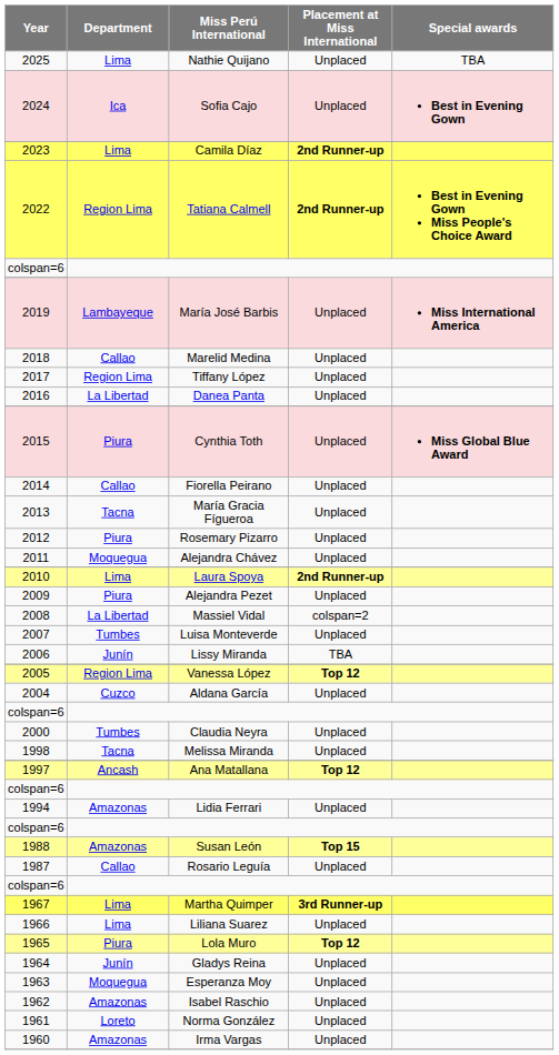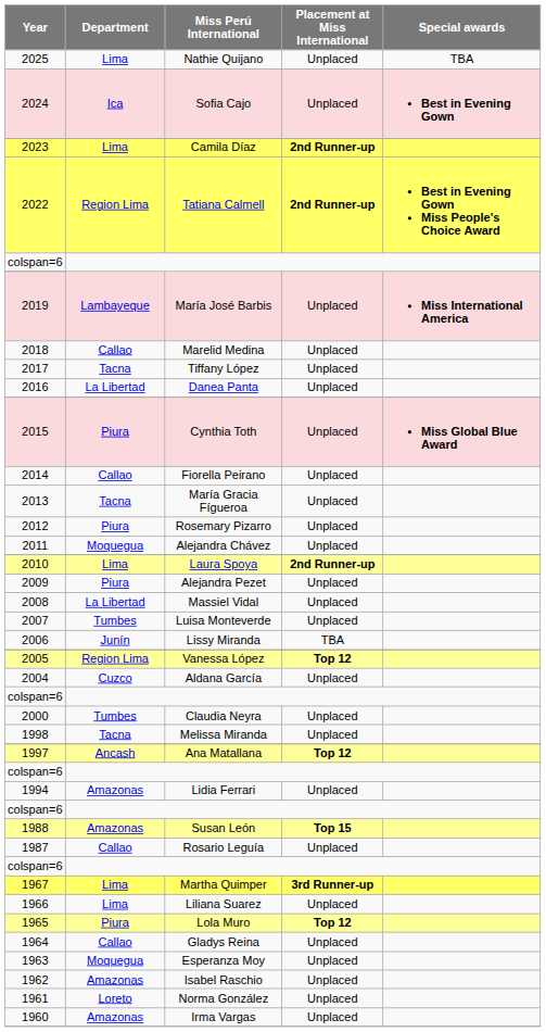 <table class="wikitable " style="font-size: 85%; text-align:center">
 <tr>
 <th width="40" style="background-color:#787878;color:#FFFFFF;">Year</th>
 <th width="150" style="background-color:#787878;color:#FFFFFF;">Department</th>
 <th width="195" style="background-color:#787878;color:#FFFFFF;">Miss Perú International</th>
 <th width="150" style="background-color:#787878;color:#FFFFFF;">Placement at Miss International</th>
 <th width="250" style="background-color:#787878;color:#FFFFFF;">Special awards</th>
 </tr>
 <tr>
 <td>2025</td>
 <td><a href='#'>Lima</a></td>
 <td>Nathie Quijano</td>
 <td>Unplaced</td>
 <td>TBA</td>
 </tr>
 <tr style="background-color:#FADADD;">
 <td>2024</td>
 <td><a href='#'>Ica</a></td>
 <td>Sofia Cajo</td>
 <td>Unplaced</td>
 <td align="left"><br><ul><li><strong>Best in Evening Gown</strong></li></ul></td>
 </tr>
 <tr>
 </tr>
 <tr style="background-color:#FFFF66;">
 <td>2023</td>
 <td><a href='#'>Lima</a></td>
 <td>Camila Díaz</td>
 <td><strong>2nd Runner-up</strong></td>
 <td></td>
 </tr>
 <tr style="background-color:#FFFF66;">
 <td>2022</td>
 <td><a href='#'>Region Lima</a></td>
 <td><a href='#'>Tatiana Calmell</a></td>
 <td><strong>2nd Runner-up</strong></td>
 <td align="left"><br><ul><li><strong>Best in Evening Gown</strong></li><li><strong>Miss People's Choice Award</strong></li></ul></td>
 </tr>
 <tr>
 <td>colspan=6 </td>
 </tr>
 <tr>
 </tr>
 <tr style="background-color:#FADADD;">
 <td>2019</td>
 <td><a href='#'>Lambayeque</a></td>
 <td>María José Barbis</td>
 <td>Unplaced</td>
 <td align="left"><br><ul><li><strong>Miss International America</strong></li></ul></td>
 </tr>
 <tr>
 <td>2018</td>
 <td><a href='#'>Callao</a></td>
 <td>Marelid Medina</td>
 <td>Unplaced</td>
 <td></td>
 </tr>
 <tr>
 <td>2017</td>
-<td><a href='#'>Region Lima</a></td>
+<td><a href='#'>Tacna</a></td>
 <td>Tiffany López</td>
 <td>Unplaced</td>
 <td></td>
 </tr>
 <tr>
 <td>2016</td>
 <td><a href='#'>La Libertad</a></td>
 <td><a href='#'>Danea Panta</a></td>
 <td>Unplaced</td>
 <td></td>
 </tr>
 <tr>
 </tr>
 <tr style="background-color:#FADADD;">
 <td>2015</td>
 <td><a href='#'>Piura</a></td>
 <td>Cynthia Toth</td>
 <td>Unplaced</td>
 <td align="left"><br><ul><li><strong>Miss Global Blue Award</strong></li></ul></td>
 </tr>
 <tr>
 <td>2014</td>
 <td><a href='#'>Callao</a></td>
 <td>Fiorella Peirano</td>
 <td>Unplaced</td>
 <td></td>
 </tr>
 <tr>
 <td>2013</td>
 <td><a href='#'>Tacna</a></td>
 <td>María Gracia Fígueroa</td>
 <td>Unplaced</td>
 <td></td>
 </tr>
 <tr>
 <td>2012</td>
 <td><a href='#'>Piura</a></td>
 <td>Rosemary Pizarro</td>
 <td>Unplaced</td>
 <td></td>
 </tr>
 <tr>
 <td>2011</td>
 <td><a href='#'>Moquegua</a></td>
 <td>Alejandra Chávez</td>
 <td>Unplaced</td>
 <td></td>
 </tr>
 <tr>
 </tr>
 <tr style="background-color:#FFFF99;">
 <td>2010</td>
 <td><a href='#'>Lima</a></td>
 <td><a href='#'>Laura Spoya</a></td>
 <td><strong>2nd Runner-up</strong></td>
 <td></td>
 </tr>
 <tr>
 <td>2009</td>
 <td><a href='#'>Piura</a></td>
 <td>Alejandra Pezet</td>
 <td>Unplaced</td>
 <td></td>
 </tr>
 <tr>
 <td>2008</td>
 <td><a href='#'>La Libertad</a></td>
 <td>Massiel Vidal</td>
-<td>colspan=2 </td>
+<td>Unplaced</td>
 <td></td>
 </tr>
 <tr>
 <td>2007</td>
 <td><a href='#'>Tumbes</a></td>
 <td>Luisa Monteverde</td>
 <td>Unplaced</td>
 <td></td>
 </tr>
 <tr>
 <td>2006</td>
 <td><a href='#'>Junín</a></td>
 <td>Lissy Miranda</td>
 <td>TBA</td>
 <td></td>
 </tr>
 <tr>
 </tr>
 <tr style="background-color:#FFFF99;">
 <td>2005</td>
 <td><a href='#'>Region Lima</a></td>
 <td>Vanessa López</td>
 <td><strong>Top 12</strong></td>
 <td></td>
 </tr>
 <tr>
 <td>2004</td>
 <td><a href='#'>Cuzco</a></td>
 <td>Aldana García</td>
 <td>Unplaced</td>
 <td></td>
 </tr>
 <tr>
 <td>colspan=6 </td>
 </tr>
 <tr>
 <td>2000</td>
 <td><a href='#'>Tumbes</a></td>
 <td>Claudia Neyra</td>
 <td>Unplaced</td>
 <td></td>
 </tr>
 <tr>
 <td>1998</td>
 <td><a href='#'>Tacna</a></td>
 <td>Melissa Miranda</td>
 <td>Unplaced</td>
 <td></td>
 </tr>
 <tr>
 </tr>
 <tr style="background-color:#FFFF99;">
 <td>1997</td>
 <td><a href='#'>Ancash</a></td>
 <td>Ana Matallana</td>
 <td><strong>Top 12</strong></td>
 <td></td>
 </tr>
 <tr>
 <td>colspan=6 </td>
 </tr>
 <tr>
 <td>1994</td>
 <td><a href='#'>Amazonas</a></td>
 <td>Lidia Ferrari</td>
 <td>Unplaced</td>
 <td></td>
 </tr>
 <tr>
 <td>colspan=6 </td>
 </tr>
 <tr style="background-color:#FFFF99;">
 <td>1988</td>
 <td><a href='#'>Amazonas</a></td>
 <td>Susan León</td>
 <td><strong>Top 15</strong></td>
 <td></td>
 </tr>
 <tr>
 <td>1987</td>
 <td><a href='#'>Callao</a></td>
 <td>Rosario Leguía</td>
 <td>Unplaced</td>
 <td></td>
 </tr>
 <tr>
 <td>colspan=6 </td>
 </tr>
 <tr style="background-color:#FFFF66;">
 <td>1967</td>
 <td><a href='#'>Lima</a></td>
 <td>Martha Quimper</td>
 <td><strong>3rd Runner-up</strong></td>
 <td></td>
 </tr>
 <tr>
 <td>1966</td>
 <td><a href='#'>Lima</a></td>
 <td>Liliana Suarez</td>
 <td>Unplaced</td>
 </tr>
 <tr style="background-color:#FFFF99;">
 <td>1965</td>
 <td><a href='#'>Piura</a></td>
 <td>Lola Muro</td>
 <td><strong>Top 12</strong></td>
 <td></td>
 </tr>
 <tr>
 <td>1964</td>
-<td><a href='#'>Junín</a></td>
+<td><a href='#'>Callao</a></td>
 <td>Gladys Reina</td>
 <td>Unplaced</td>
 <td></td>
 </tr>
 <tr>
 <td>1963</td>
 <td><a href='#'>Moquegua</a></td>
 <td>Esperanza Moy</td>
 <td>Unplaced</td>
 <td></td>
 </tr>
 <tr>
 <td>1962</td>
 <td><a href='#'>Amazonas</a></td>
 <td>Isabel Raschio</td>
 <td>Unplaced</td>
 <td></td>
 </tr>
 <tr>
 <td>1961</td>
 <td><a href='#'>Loreto</a></td>
 <td>Norma González</td>
 <td>Unplaced</td>
 <td></td>
 </tr>
 <tr>
 <td>1960</td>
 <td><a href='#'>Amazonas</a></td>
 <td>Irma Vargas</td>
 <td>Unplaced</td>
 <td></td>
 </tr>
 <tr>
 </tr>
 </table>
